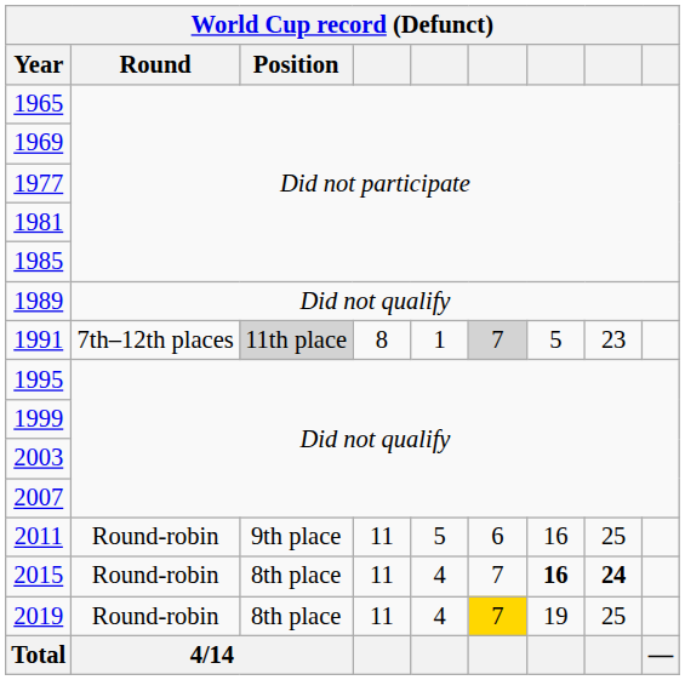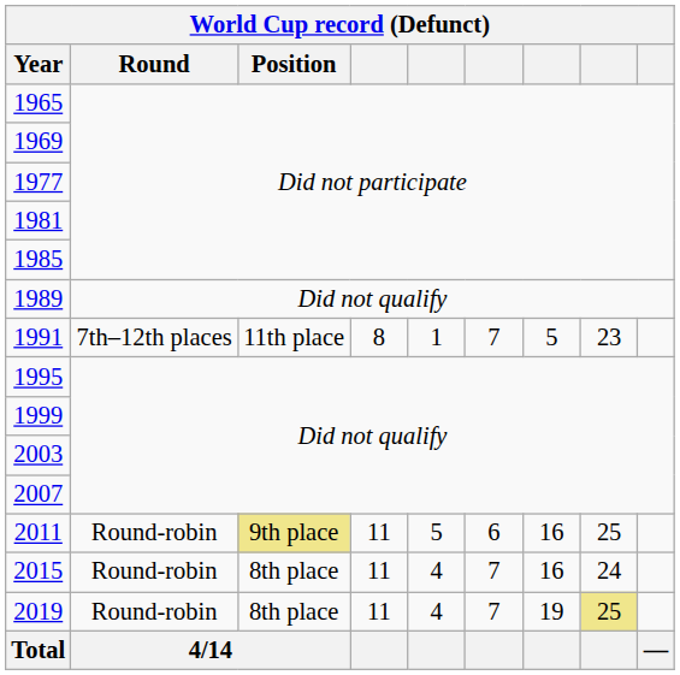 <table class="wikitable" style="text-align: center;">
 <tr>
 <th colspan=9><a href='#'>World Cup record</a> (Defunct)</th>
 </tr>
 <tr>
 <th>Year</th>
 <th>Round</th>
 <th>Position</th>
 <th width=30></th>
 <th width=30></th>
 <th width=30></th>
 <th width=30></th>
 <th width=30></th>
 <th></th>
 </tr>
 <tr>
 <td> <a href='#'>1965</a></td>
 <td rowspan=5 colspan=8><em>Did not participate</em></td>
 </tr>
 <tr>
 <td> <a href='#'>1969</a></td>
 </tr>
 <tr>
 <td> <a href='#'>1977</a></td>
 </tr>
 <tr>
 <td> <a href='#'>1981</a></td>
 </tr>
 <tr>
 <td> <a href='#'>1985</a></td>
 </tr>
 <tr>
 <td> <a href='#'>1989</a></td>
 <td colspan=8><em>Did not qualify</em></td>
 </tr>
 <tr>
 <td> <a href='#'>1991</a></td>
 <td>7th–12th places</td>
-<td style="background: lightgrey;">11th place</td>
+<td>11th place</td>
 <td>8</td>
 <td>1</td>
-<td style="background: lightgrey;">7</td>
+<td>7</td>
 <td>5</td>
 <td>23</td>
 <td></td>
 </tr>
 <tr>
 <td> <a href='#'>1995</a></td>
 <td rowspan=4 colspan=8><em>Did not qualify</em></td>
 </tr>
 <tr>
 <td> <a href='#'>1999</a></td>
 </tr>
 <tr>
 <td> <a href='#'>2003</a></td>
 </tr>
 <tr>
 <td> <a href='#'>2007</a></td>
 </tr>
 <tr>
 <td> <a href='#'>2011</a></td>
 <td>Round-robin</td>
-<td>9th place</td>
+<td style="background: khaki;">9th place</td>
 <td>11</td>
 <td>5</td>
 <td>6</td>
 <td>16</td>
 <td>25</td>
 <td></td>
 </tr>
 <tr>
 <td> <a href='#'>2015</a></td>
 <td>Round-robin</td>
 <td>8th place</td>
 <td>11</td>
 <td>4</td>
 <td>7</td>
-<td><strong>16</strong></td>
-<td><strong>24</strong></td>
+<td>16</td>
+<td>24</td>
 <td></td>
 </tr>
 <tr>
 <td> <a href='#'>2019</a></td>
 <td>Round-robin</td>
 <td>8th place</td>
 <td>11</td>
 <td>4</td>
-<td style="background: gold;">7</td>
+<td>7</td>
 <td>19</td>
-<td>25</td>
+<td style="background: khaki;">25</td>
 <td></td>
 </tr>
 <tr>
 <th>Total</th>
 <th colspan=2>4/14</th>
 <th></th>
 <th></th>
 <th></th>
 <th></th>
 <th></th>
 <th>—</th>
 </tr>
 </table>
